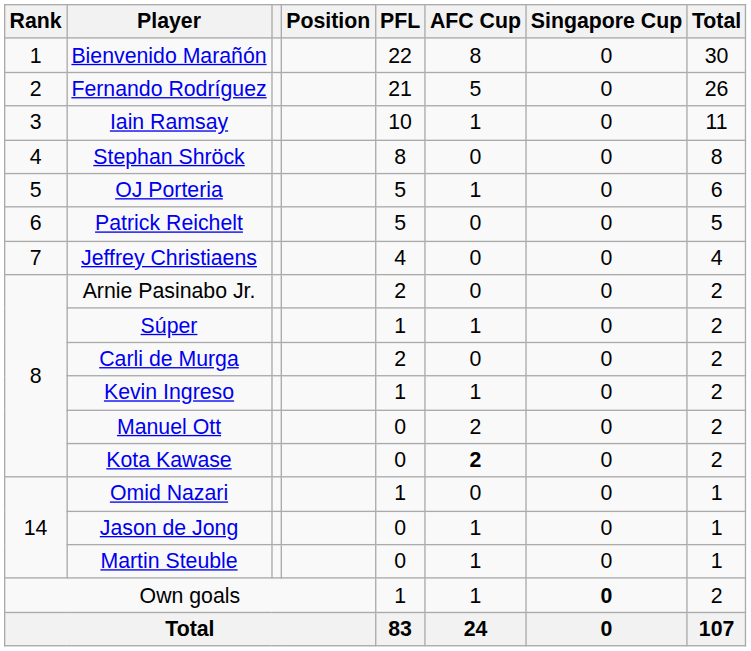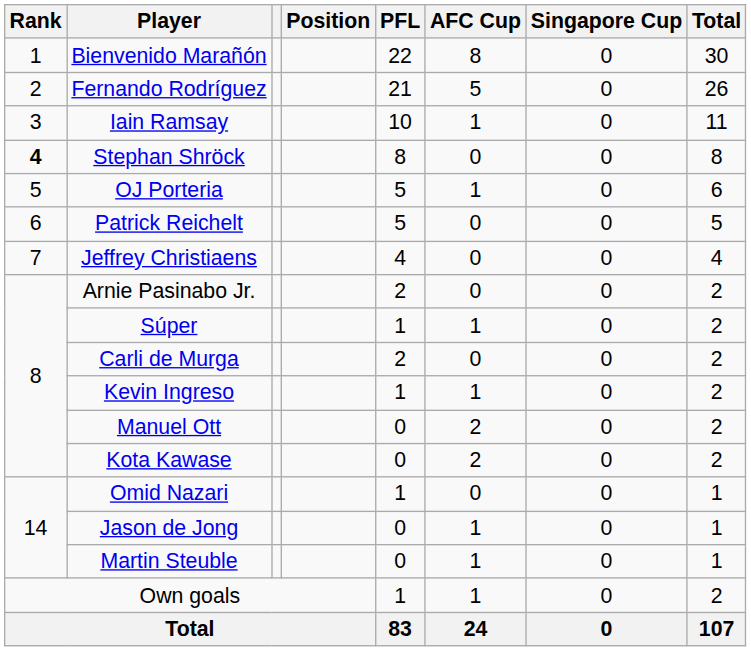 <table class="wikitable" style="text-align:center;">
 <tr>
 <th>Rank</th>
 <th>Player</th>
 <th></th>
 <th>Position</th>
 <th>PFL</th>
 <th>AFC Cup</th>
 <th>Singapore Cup</th>
 <th>Total</th>
 </tr>
 <tr>
 <td>1</td>
 <td><a href='#'>Bienvenido Marañón</a></td>
 <td></td>
 <td></td>
 <td>22</td>
 <td>8</td>
 <td>0</td>
 <td>30</td>
 </tr>
 <tr>
 <td>2</td>
 <td><a href='#'>Fernando Rodríguez</a></td>
 <td></td>
 <td></td>
 <td>21</td>
 <td>5</td>
 <td>0</td>
 <td>26</td>
 </tr>
 <tr>
 <td>3</td>
 <td><a href='#'>Iain Ramsay</a></td>
 <td></td>
 <td></td>
 <td>10</td>
 <td>1</td>
 <td>0</td>
 <td>11</td>
 </tr>
 <tr>
-<td>4</td>
+<td><strong>4</strong></td>
 <td><a href='#'>Stephan Shröck</a></td>
 <td></td>
 <td></td>
 <td>8</td>
 <td>0</td>
 <td>0</td>
 <td>8</td>
 </tr>
 <tr>
 <td>5</td>
 <td><a href='#'>OJ Porteria</a></td>
 <td></td>
 <td></td>
 <td>5</td>
 <td>1</td>
 <td>0</td>
 <td>6</td>
 </tr>
 <tr>
 <td>6</td>
 <td><a href='#'>Patrick Reichelt</a></td>
 <td></td>
 <td></td>
 <td>5</td>
 <td>0</td>
 <td>0</td>
 <td>5</td>
 </tr>
 <tr>
 <td>7</td>
 <td><a href='#'>Jeffrey Christiaens</a></td>
 <td></td>
 <td></td>
 <td>4</td>
 <td>0</td>
 <td>0</td>
 <td>4</td>
 </tr>
 <tr>
 <td rowspan="6">8</td>
 <td>Arnie Pasinabo Jr.</td>
 <td></td>
 <td></td>
 <td>2</td>
 <td>0</td>
 <td>0</td>
 <td>2</td>
 </tr>
 <tr>
 <td><a href='#'>Súper</a></td>
 <td></td>
 <td></td>
 <td>1</td>
 <td>1</td>
 <td>0</td>
 <td>2</td>
 </tr>
 <tr>
 <td><a href='#'>Carli de Murga</a></td>
 <td></td>
 <td></td>
 <td>2</td>
 <td>0</td>
 <td>0</td>
 <td>2</td>
 </tr>
 <tr>
 <td><a href='#'>Kevin Ingreso</a></td>
 <td></td>
 <td></td>
 <td>1</td>
 <td>1</td>
 <td>0</td>
 <td>2</td>
 </tr>
 <tr>
 <td><a href='#'>Manuel Ott</a></td>
 <td></td>
 <td></td>
 <td>0</td>
 <td>2</td>
 <td>0</td>
 <td>2</td>
 </tr>
 <tr>
 <td><a href='#'>Kota Kawase</a></td>
 <td></td>
 <td></td>
 <td>0</td>
-<td><strong>2</strong></td>
+<td>2</td>
 <td>0</td>
 <td>2</td>
 </tr>
 <tr>
 <td rowspan="3">14</td>
 <td><a href='#'>Omid Nazari</a></td>
 <td></td>
 <td></td>
 <td>1</td>
 <td>0</td>
 <td>0</td>
 <td>1</td>
 </tr>
 <tr>
 <td><a href='#'>Jason de Jong</a></td>
 <td></td>
 <td></td>
 <td>0</td>
 <td>1</td>
 <td>0</td>
 <td>1</td>
 </tr>
 <tr>
 <td><a href='#'>Martin Steuble</a></td>
 <td></td>
 <td></td>
 <td>0</td>
 <td>1</td>
 <td>0</td>
 <td>1</td>
 </tr>
 <tr>
 <td colspan="4">Own goals</td>
 <td>1</td>
 <td>1</td>
-<td><strong>0</strong></td>
+<td>0</td>
 <td>2</td>
 </tr>
 <tr>
 <th colspan="4">Total</th>
 <th>83</th>
 <th>24</th>
 <th>0</th>
 <th>107</th>
 </tr>
 </table>
